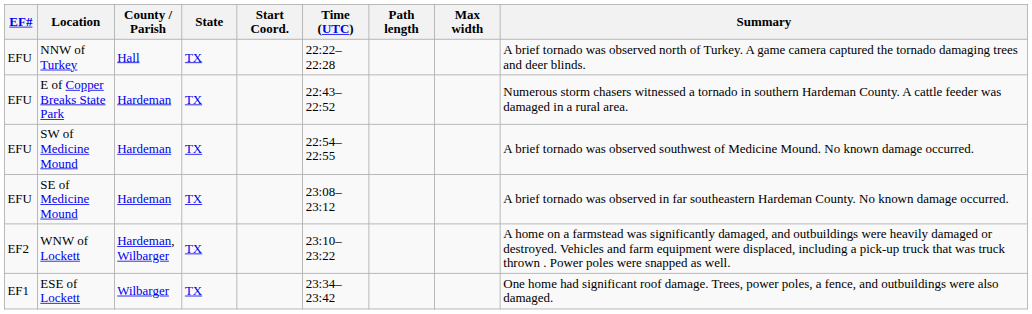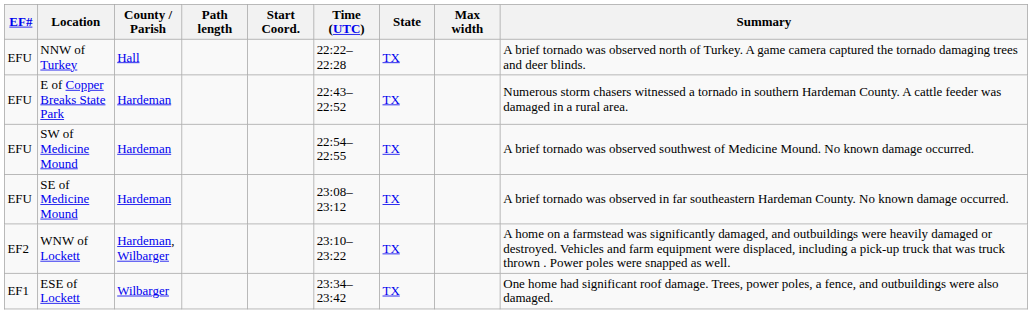 <table class="wikitable sortable" style="width:100%;">
 <tr>
 <th scope="col"  style="width:3%; text-align:center;"><a href='#'>EF#</a></th>
 <th scope="col"  style="width:7%; text-align:center;" class="unsortable">Location</th>
 <th scope="col"  style="width:6%; text-align:center;" class="unsortable">County / Parish</th>
-<th scope="col"  style="width:5%; text-align:center;">State</th>
+<th scope="col"  style="width:6%; text-align:center;">Path length</th>
 <th scope="col"  style="width:6%; text-align:center;">Start Coord.</th>
 <th scope="col"  style="width:6%; text-align:center;">Time (<a href='#'>UTC</a>)</th>
-<th scope="col"  style="width:6%; text-align:center;">Path length</th>
+<th scope="col"  style="width:5%; text-align:center;">State</th>
 <th scope="col"  style="width:6%; text-align:center;">Max width</th>
 <th scope="col" class="unsortable" style="width:48%; text-align:center;">Summary</th>
 </tr>
 <tr>
 <td>EFU</td>
 <td>NNW of <a href='#'>Turkey</a></td>
 <td><a href='#'>Hall</a></td>
-<td><a href='#'>TX</a></td>
+<td></td>
 <td></td>
 <td>22:22–22:28</td>
-<td></td>
+<td><a href='#'>TX</a></td>
 <td></td>
 <td>A brief tornado was observed north of Turkey. A game camera captured the tornado damaging trees and deer blinds.</td>
 </tr>
 <tr>
 <td>EFU</td>
 <td>E of <a href='#'>Copper Breaks State Park</a></td>
 <td><a href='#'>Hardeman</a></td>
-<td><a href='#'>TX</a></td>
+<td></td>
 <td></td>
 <td>22:43–22:52</td>
-<td></td>
+<td><a href='#'>TX</a></td>
 <td></td>
 <td>Numerous storm chasers witnessed a tornado in southern Hardeman County. A cattle feeder was damaged in a rural area.</td>
 </tr>
 <tr>
 <td>EFU</td>
 <td>SW of <a href='#'>Medicine Mound</a></td>
 <td><a href='#'>Hardeman</a></td>
-<td><a href='#'>TX</a></td>
+<td></td>
 <td></td>
 <td>22:54–22:55</td>
-<td></td>
+<td><a href='#'>TX</a></td>
 <td></td>
 <td>A brief tornado was observed southwest of Medicine Mound. No known damage occurred.</td>
 </tr>
 <tr>
 <td>EFU</td>
 <td>SE of <a href='#'>Medicine Mound</a></td>
 <td><a href='#'>Hardeman</a></td>
-<td><a href='#'>TX</a></td>
+<td></td>
 <td></td>
 <td>23:08–23:12</td>
-<td></td>
+<td><a href='#'>TX</a></td>
 <td></td>
 <td>A brief tornado was observed in far southeastern Hardeman County. No known damage occurred.</td>
 </tr>
 <tr>
 <td>EF2</td>
 <td>WNW of <a href='#'>Lockett</a></td>
 <td><a href='#'>Hardeman</a>, <a href='#'>Wilbarger</a></td>
-<td><a href='#'>TX</a></td>
+<td></td>
 <td></td>
 <td>23:10–23:22</td>
-<td></td>
+<td><a href='#'>TX</a></td>
 <td></td>
 <td>A home on a farmstead was significantly damaged, and outbuildings were heavily damaged or destroyed. Vehicles and farm equipment were displaced, including a pick-up truck that was truck thrown . Power poles were snapped as well.</td>
 </tr>
 <tr>
 <td>EF1</td>
 <td>ESE of <a href='#'>Lockett</a></td>
 <td><a href='#'>Wilbarger</a></td>
-<td><a href='#'>TX</a></td>
+<td></td>
 <td></td>
 <td>23:34–23:42</td>
-<td></td>
+<td><a href='#'>TX</a></td>
 <td></td>
 <td>One home had significant roof damage. Trees, power poles, a fence, and outbuildings were also damaged.</td>
 </tr>
 </table>
